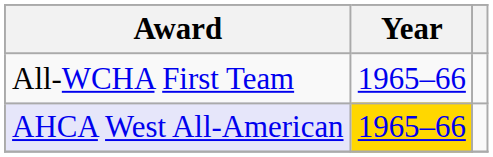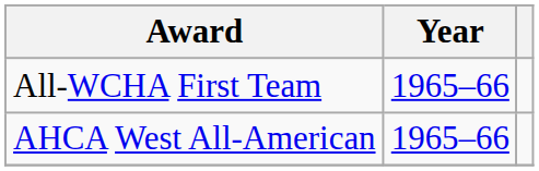 <table class="wikitable">
 <tr>
 <th>Award</th>
 <th>Year</th>
 <th></th>
 </tr>
 <tr>
 <td>All-<a href='#'>WCHA</a> <a href='#'>First Team</a></td>
 <td><a href='#'>1965–66</a></td>
 <td></td>
 </tr>
 <tr>
-<td style="background: lavender;"><a href='#'>AHCA</a> <a href='#'>West All-American</a></td>
-<td style="background: gold;"><a href='#'>1965–66</a></td>
+<td><a href='#'>AHCA</a> <a href='#'>West All-American</a></td>
+<td><a href='#'>1965–66</a></td>
 <td></td>
 </tr>
 <tr>
 </tr>
 </table>
